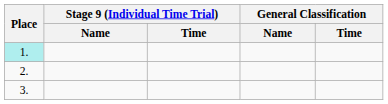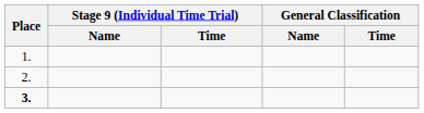 <table class="wikitable"  style="font-size:95%; width:80%;">
 <tr>
 <th rowspan="2">Place</th>
 <th colspan="2">Stage 9 (<a href='#'>Individual Time Trial</a>)</th>
 <th colspan="2">General Classification</th>
 </tr>
 <tr>
 <th>Name</th>
 <th>Time</th>
 <th>Name</th>
 <th>Time</th>
 </tr>
 <tr>
-<td style="background: paleturquoise; text-align:center;">1.</td>
+<td style="text-align:center;">1.</td>
 <td></td>
 <td></td>
 <td></td>
 <td></td>
 </tr>
 <tr>
 <td style="text-align:center;">2.</td>
 <td></td>
 <td></td>
 <td></td>
 <td></td>
 </tr>
 <tr>
-<td style="text-align:center;">3.</td>
+<td style="text-align:center;"><strong>3.</strong></td>
 <td></td>
 <td></td>
 <td></td>
 <td></td>
 </tr>
 </table>
